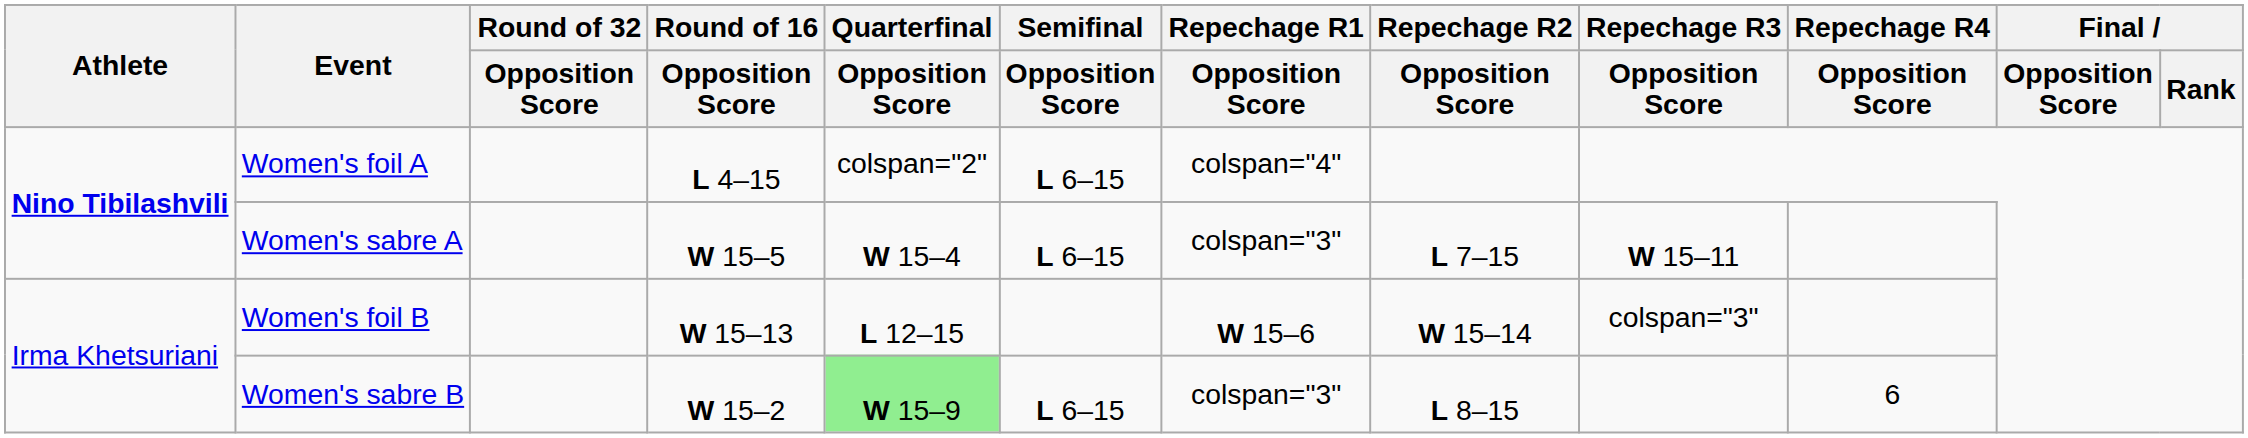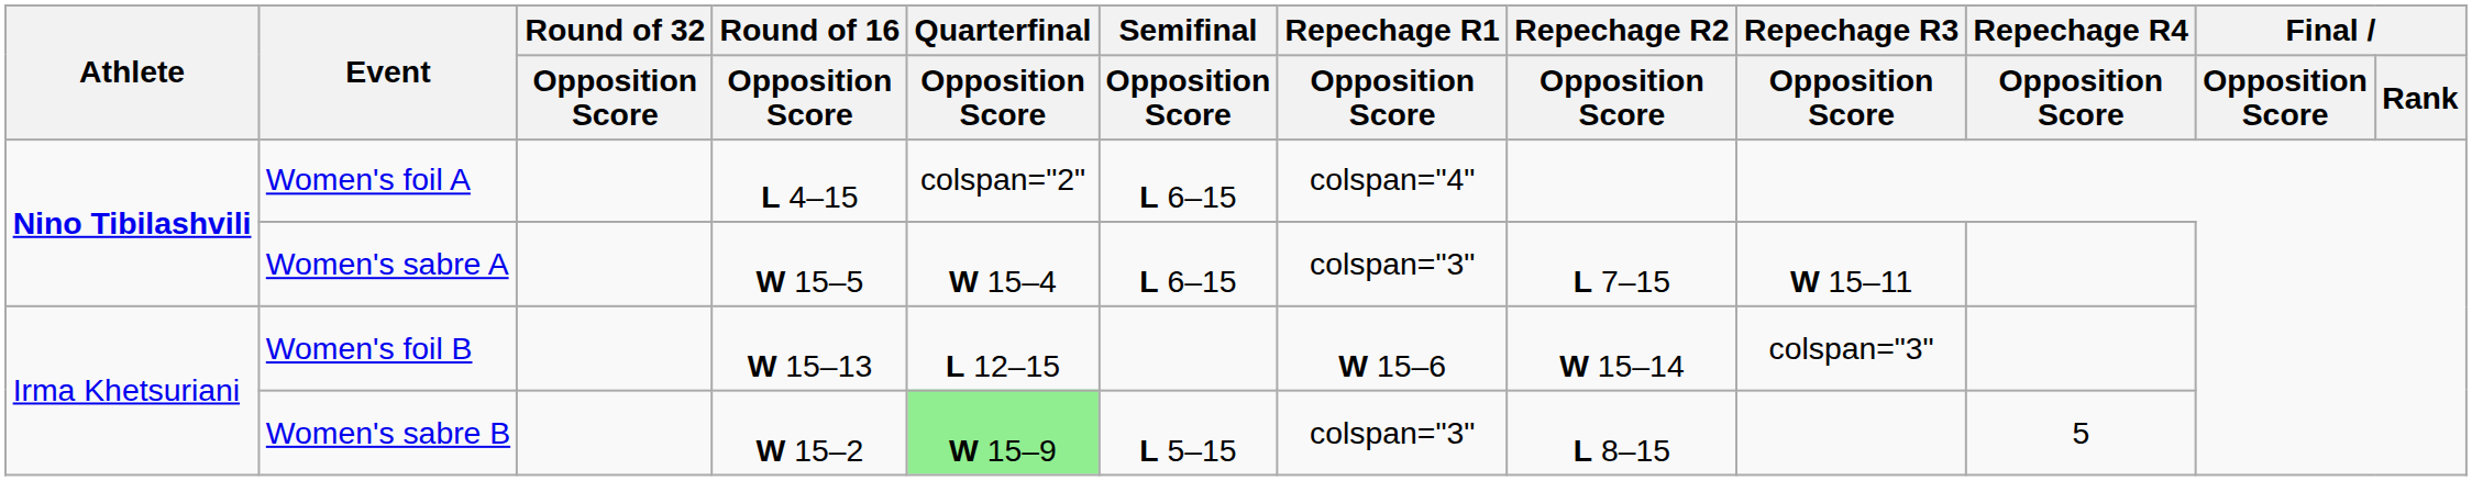 <table class=wikitable style="font-size:90%">
 <tr>
 <th rowspan="2">Athlete</th>
 <th rowspan="2">Event</th>
 <th>Round of 32</th>
 <th>Round of 16</th>
 <th>Quarterfinal</th>
 <th>Semifinal</th>
 <th>Repechage R1</th>
 <th>Repechage R2</th>
 <th>Repechage R3</th>
 <th>Repechage R4</th>
 <th colspan="2">Final / </th>
 </tr>
 <tr>
 <th>Opposition<br>Score</th>
 <th>Opposition<br>Score</th>
 <th>Opposition<br>Score</th>
 <th>Opposition<br>Score</th>
 <th>Opposition<br>Score</th>
 <th>Opposition<br>Score</th>
 <th>Opposition<br>Score</th>
 <th>Opposition<br>Score</th>
 <th>Opposition<br>Score</th>
 <th>Rank</th>
 </tr>
 <tr align=center>
 <td align=left rowspan=2><strong><a href='#'>Nino Tibilashvili</a></strong></td>
 <td align=left><a href='#'>Women's foil A</a></td>
 <td></td>
 <td><br><strong>L</strong> 4–15</td>
 <td>colspan="2"</td>
 <td><br><strong>L</strong> 6–15</td>
 <td>colspan="4"</td>
 <td></td>
 </tr>
 <tr align=center>
 <td align=left><a href='#'>Women's sabre A</a></td>
 <td></td>
 <td><br><strong>W</strong> 15–5</td>
 <td><br><strong>W</strong> 15–4</td>
 <td><br><strong>L</strong> 6–15</td>
 <td>colspan="3"</td>
 <td><br><strong>L</strong> 7–15</td>
 <td><br><strong>W</strong> 15–11</td>
 <td></td>
 </tr>
 <tr align=center>
 <td align=left rowspan=2><a href='#'>Irma Khetsuriani</a></td>
 <td align=left><a href='#'>Women's foil B</a></td>
 <td></td>
 <td><br><strong>W</strong> 15–13</td>
 <td><br><strong>L</strong> 12–15</td>
 <td></td>
 <td><br><strong>W</strong> 15–6</td>
 <td><br><strong>W</strong> 15–14</td>
 <td>colspan="3"</td>
 <td></td>
 </tr>
 <tr align=center>
 <td align=left><a href='#'>Women's sabre B</a></td>
 <td></td>
 <td><br><strong>W</strong> 15–2</td>
 <td style="background: lightgreen;"><br><strong>W</strong> 15–9</td>
-<td><br><strong>L</strong> 6–15</td>
+<td><br><strong>L</strong> 5–15</td>
 <td>colspan="3"</td>
 <td><br><strong>L</strong> 8–15</td>
 <td></td>
-<td>6</td>
+<td>5</td>
 </tr>
 </table>
